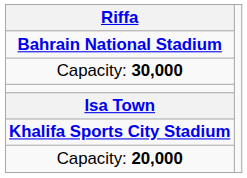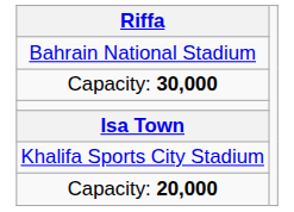 <table class="wikitable" style="margin:1em auto; text-align:center">
 <tr>
 <th><a href='#'>Riffa</a></th>
 <td rowspan=7></td>
 </tr>
 <tr>
-<td><strong><a href='#'>Bahrain National Stadium</a></strong></td>
+<td><a href='#'>Bahrain National Stadium</a></td>
 </tr>
 <tr>
 <td>Capacity: <strong>30,000</strong></td>
 </tr>
 <tr>
 <td></td>
 </tr>
 <tr>
 <th><a href='#'>Isa Town</a></th>
 </tr>
 <tr>
-<td><strong><a href='#'>Khalifa Sports City Stadium</a></strong></td>
+<td><a href='#'>Khalifa Sports City Stadium</a></td>
 </tr>
 <tr>
 <td>Capacity: <strong>20,000</strong></td>
 </tr>
 </table>
